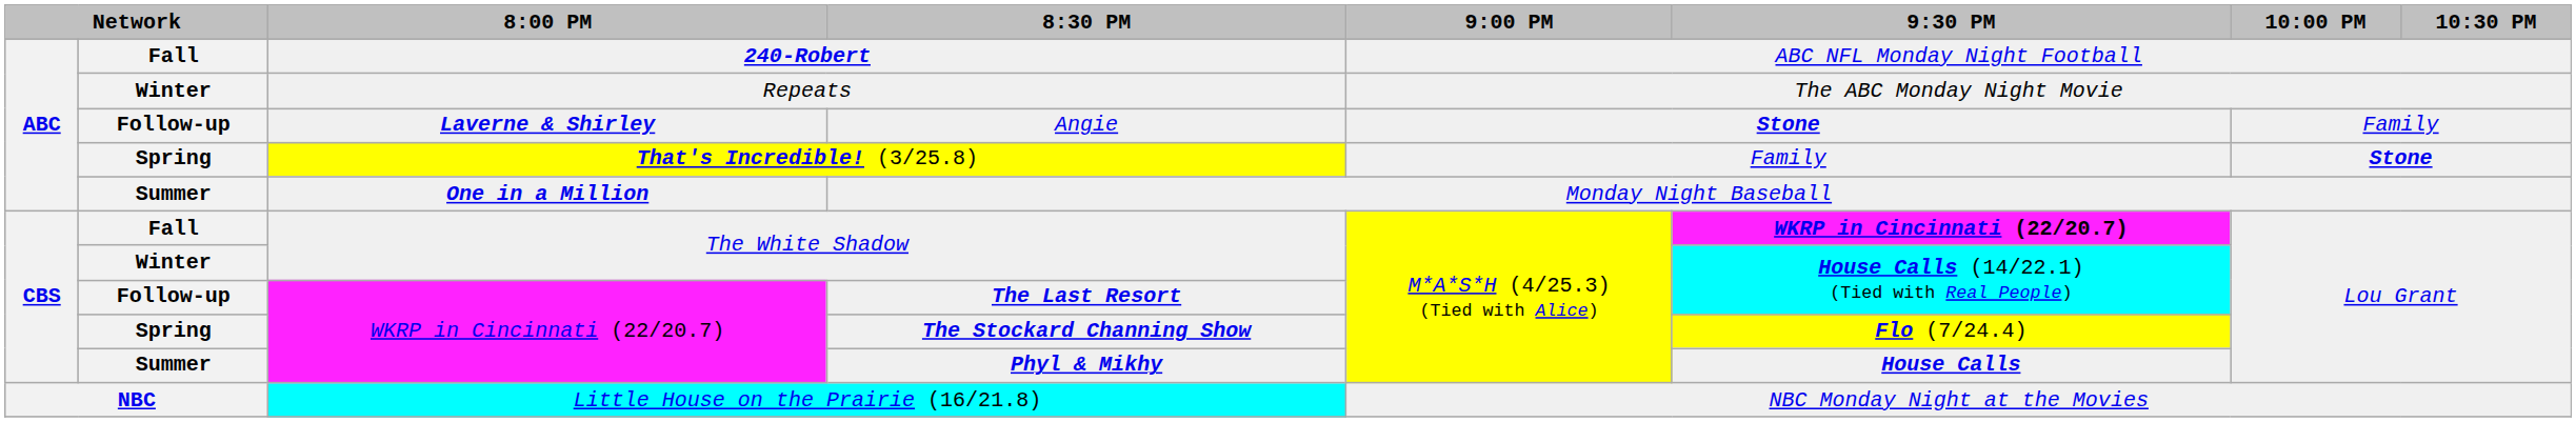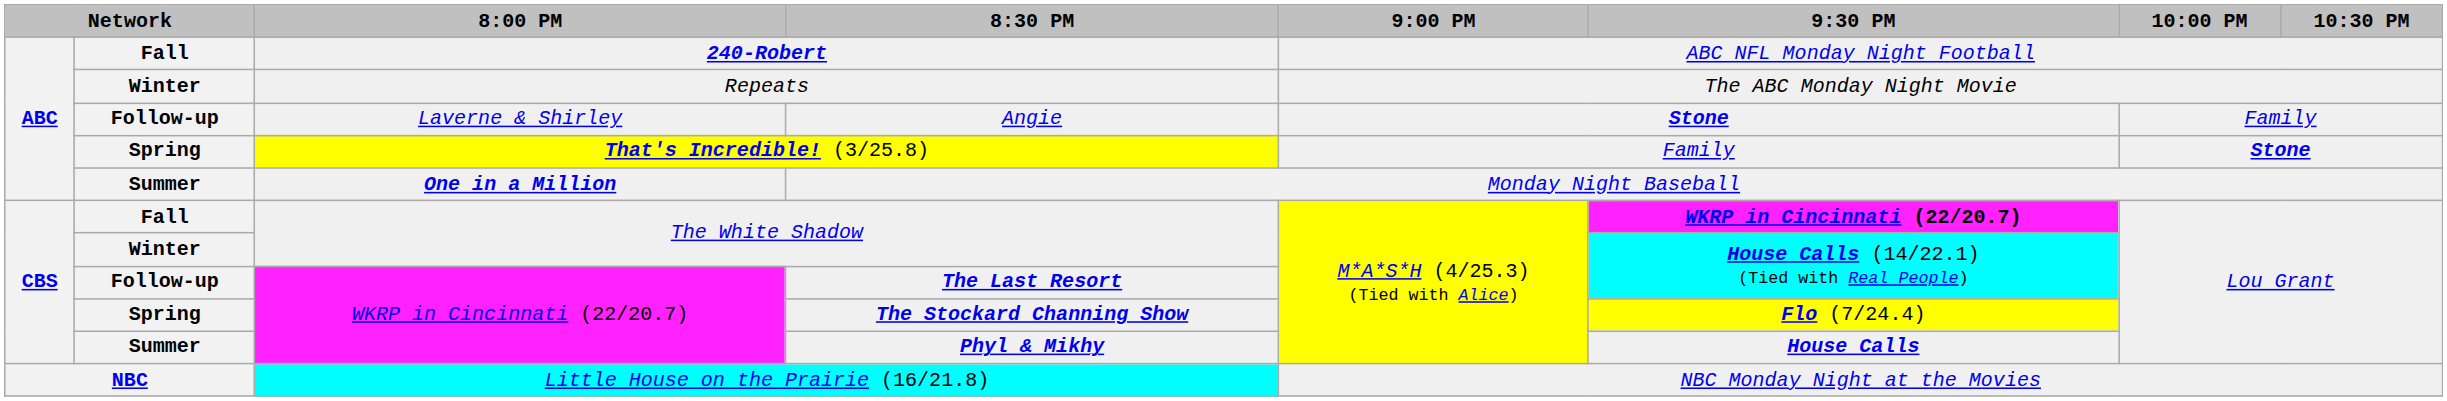 <table class="wikitable plainrowheaders" style="width:100%; margin:auto ;text-align:center;">
 <tr>
 <th colspan="2" style="background-color:#C0C0C0;text-align:center">Network</th>
 <th style="background-color:#C0C0C0;text-align:center">8:00 PM</th>
 <th style="background-color:#C0C0C0;text-align:center">8:30 PM</th>
 <th style="background-color:#C0C0C0;text-align:center">9:00 PM</th>
 <th style="background-color:#C0C0C0;text-align:center">9:30 PM</th>
 <th style="background-color:#C0C0C0;text-align:center">10:00 PM</th>
 <th style="background-color:#C0C0C0;text-align:center">10:30 PM</th>
 </tr>
 <tr>
 <th bgcolor="#C0C0C0" rowspan="5"><a href='#'>ABC</a></th>
 <th>Fall</th>
 <td bgcolor="#F0F0F0" colspan="2"><strong><em><a href='#'>240-Robert</a></em></strong></td>
 <td bgcolor="#F0F0F0" colspan="4"><em><a href='#'>ABC NFL Monday Night Football</a></em></td>
 </tr>
 <tr>
 <th>Winter</th>
 <td colspan="2" bgcolor="#F0F0F0"><em>Repeats</em></td>
 <td colspan="4" bgcolor="#F0F0F0"><em>The ABC Monday Night Movie</em></td>
 </tr>
 <tr>
 <th>Follow-up</th>
-<td bgcolor="#F0F0F0"><strong><em><a href='#'>Laverne & Shirley</a></em></strong></td>
+<td bgcolor="#F0F0F0"><em><a href='#'>Laverne & Shirley</a></em></td>
 <td bgcolor="#F0F0F0"><em><a href='#'>Angie</a></em></td>
 <td colspan="2" bgcolor="#F0F0F0"><strong><em><a href='#'>Stone</a></em></strong></td>
 <td colspan="2" bgcolor="#F0F0F0"><em><a href='#'>Family</a></em></td>
 </tr>
 <tr>
 <th>Spring</th>
 <td bgcolor="#FFFF00" colspan="2"><strong><em><a href='#'>That's Incredible!</a></em></strong> (3/25.8)</td>
 <td bgcolor="#F0F0F0" colspan="2"><em><a href='#'>Family</a></em></td>
 <td bgcolor="#F0F0F0" colspan="2"><strong><em><a href='#'>Stone</a></em></strong></td>
 </tr>
 <tr>
 <th>Summer</th>
 <td bgcolor="#F0F0F0"><strong><em><a href='#'>One in a Million</a></em></strong></td>
 <td bgcolor="#F0F0F0" colspan="5"><em><a href='#'>Monday Night Baseball</a></em></td>
 </tr>
 <tr>
 <th rowspan="5" bgcolor="#C0C0C0"><a href='#'>CBS</a></th>
 <th>Fall</th>
 <td bgcolor="#F0F0F0" colspan="2" rowspan="2"><em><a href='#'>The White Shadow</a></em></td>
 <td rowspan="5" bgcolor="#FFFF00"><em><a href='#'>M*A*S*H</a></em> (4/25.3)<br><small>(Tied with <em><a href='#'>Alice</a></em>)</small></td>
 <td bgcolor="#FF22FF"><strong><em><a href='#'>WKRP in Cincinnati</a></em> (22/20.7)</strong></td>
 <td colspan="2" rowspan="5" bgcolor="#F0F0F0"><em><a href='#'>Lou Grant</a></em></td>
 </tr>
 <tr>
 <th>Winter</th>
 <td rowspan="2" bgcolor="#00FFFF"><strong><em><a href='#'>House Calls</a></em></strong> (14/22.1)<br><small>(Tied with <em><a href='#'>Real People</a></em>)</small></td>
 </tr>
 <tr>
 <th>Follow-up</th>
 <td rowspan="3" bgcolor="#FF22FF"><em><a href='#'>WKRP in Cincinnati</a></em> (22/20.7)</td>
 <td bgcolor="#F0F0F0"><strong><em><a href='#'>The Last Resort</a></em></strong></td>
 </tr>
 <tr>
 <th>Spring</th>
 <td bgcolor="#F0F0F0"><strong><em><a href='#'>The Stockard Channing Show</a></em></strong></td>
 <td bgcolor="#FFFF00"><strong><em><a href='#'>Flo</a></em></strong> (7/24.4)</td>
 </tr>
 <tr>
 <th>Summer</th>
 <td bgcolor="#F0F0F0"><strong><em><a href='#'>Phyl & Mikhy</a></em></strong></td>
 <td bgcolor="#F0F0F0"><strong><em><a href='#'>House Calls</a></em></strong></td>
 </tr>
 <tr>
 <th bgcolor="#C0C0C0" colspan="2"><a href='#'>NBC</a></th>
 <td bgcolor="#00FFFF" colspan="2"><em><a href='#'>Little House on the Prairie</a></em> (16/21.8)</td>
 <td bgcolor="#F0F0F0" colspan="4"><em><a href='#'>NBC Monday Night at the Movies</a></em></td>
 </tr>
 </table>
